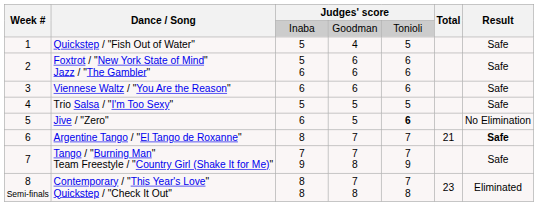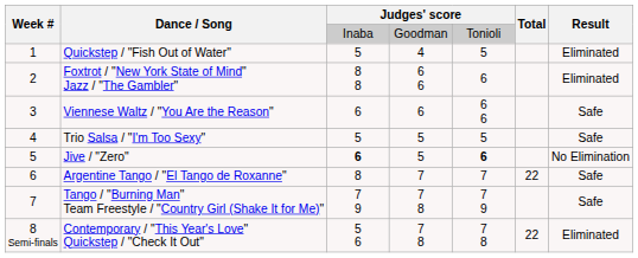 <table class="wikitable" style="text-align:center;">
 <tr style="text-align:center;">
 <th rowspan="2" bgcolor="#CCCCCC" align="Center">Week #</th>
 <th rowspan="2" bgcolor="#CCCCCC" align="Center">Dance / Song</th>
 <th colspan="3" bgcolor="#CCCCCC" align="Center">Judges' score</th>
 <th rowspan="2" bgcolor="#CCCCCC" align="Center">Total</th>
 <th rowspan="2" bgcolor="#CCCCCC" align="Center">Result</th>
 </tr>
 <tr>
 <td bgcolor="#CCCCCC" width="10%" align="center">Inaba</td>
 <td bgcolor="#CCCCCC" width="10%" align="center">Goodman</td>
 <td bgcolor="#CCCCCC" width="10%" align="center">Tonioli</td>
 </tr>
 <tr>
 <td bgcolor="FAF6F6">1</td>
 <td align="left" bgcolor="FAF6F6"><a href='#'>Quickstep</a> / "Fish Out of Water"</td>
 <td bgcolor="FAF6F6">5</td>
 <td bgcolor="FAF6F6">4</td>
 <td bgcolor="FAF6F6">5</td>
 <td bgcolor="FAF6F6"></td>
-<td bgcolor="FAF6F6">Safe</td>
+<td bgcolor="FAF6F6">Eliminated</td>
 </tr>
 <tr>
 <td bgcolor="FAF6F6">2</td>
 <td align="left" bgcolor="FAF6F6"><a href='#'>Foxtrot</a> / "<a href='#'>New York State of Mind</a>"<br><a href='#'>Jazz</a> / "<a href='#'>The Gambler</a>"</td>
-<td bgcolor="FAF6F6">5<br>6</td>
+<td bgcolor="FAF6F6">8<br>8</td>
 <td bgcolor="FAF6F6">6<br>6</td>
-<td bgcolor="FAF6F6">6<br>6</td>
+<td bgcolor="FAF6F6">6</td>
 <td bgcolor="FAF6F6"><br></td>
-<td bgcolor="FAF6F6">Safe</td>
+<td bgcolor="FAF6F6">Eliminated</td>
 </tr>
 <tr>
 <td bgcolor="FAF6F6">3</td>
 <td align="left" bgcolor="FAF6F6"><a href='#'>Viennese Waltz</a> / "<a href='#'>You Are the Reason</a>"</td>
 <td bgcolor="FAF6F6">6</td>
 <td bgcolor="FAF6F6">6</td>
-<td bgcolor="FAF6F6">6</td>
+<td bgcolor="FAF6F6">6<br>6</td>
 <td bgcolor="FAF6F6"></td>
 <td bgcolor="FAF6F6">Safe</td>
 </tr>
 <tr>
 <td bgcolor="FAF6F6">4</td>
 <td align="left" bgcolor="FAF6F6">Trio <a href='#'>Salsa</a> / "<a href='#'>I'm Too Sexy</a>"</td>
 <td bgcolor="FAF6F6">5</td>
 <td bgcolor="FAF6F6">5</td>
 <td bgcolor="FAF6F6">5</td>
 <td bgcolor="FAF6F6"></td>
 <td bgcolor="FAF6F6">Safe</td>
 </tr>
 <tr>
 <td bgcolor="FAF6F6">5</td>
 <td align="left" bgcolor="FAF6F6"><a href='#'>Jive</a> / "Zero"</td>
-<td bgcolor="FAF6F6">6</td>
+<td bgcolor="FAF6F6"><strong>6</strong></td>
 <td bgcolor="FAF6F6">5</td>
 <td bgcolor="FAF6F6"><strong>6</strong></td>
 <td bgcolor="FAF6F6"></td>
 <td bgcolor="FAF6F6">No Elimination</td>
 </tr>
 <tr>
 <td bgcolor="FAF6F6">6</td>
 <td align="left" bgcolor="FAF6F6"><a href='#'>Argentine Tango</a> / "<a href='#'>El Tango de Roxanne</a>"</td>
 <td bgcolor="FAF6F6">8</td>
 <td bgcolor="FAF6F6">7</td>
 <td bgcolor="FAF6F6">7</td>
-<td bgcolor="FAF6F6">21</td>
-<td bgcolor="FAF6F6"><strong>Safe</strong></td>
+<td bgcolor="FAF6F6">22</td>
+<td bgcolor="FAF6F6">Safe</td>
 </tr>
 <tr>
 <td bgcolor="FAF6F6">7</td>
 <td align="left" bgcolor="FAF6F6"><a href='#'>Tango</a> / "<a href='#'>Burning Man</a>"<br>Team Freestyle / "<a href='#'>Country Girl (Shake It for Me)</a>"</td>
 <td bgcolor="FAF6F6">7<br>9</td>
 <td bgcolor="FAF6F6">7<br>8</td>
 <td bgcolor="FAF6F6">7<br>9</td>
 <td bgcolor="FAF6F6"><br></td>
 <td bgcolor="FAF6F6">Safe</td>
 </tr>
 <tr>
 <td bgcolor="FAF6F6">8<br><small>Semi-finals</small></td>
 <td align="left" bgcolor="FAF6F6"><a href='#'>Contemporary</a> / "<a href='#'>This Year's Love</a>"<br><a href='#'>Quickstep</a> / "Check It Out"</td>
-<td bgcolor="FAF6F6">8<br>8</td>
+<td bgcolor="FAF6F6">5<br>6</td>
 <td bgcolor="FAF6F6">7<br>8</td>
 <td bgcolor="FAF6F6">7<br>8</td>
-<td bgcolor="FAF6F6">23<br></td>
+<td bgcolor="FAF6F6">22<br></td>
 <td bgcolor="FAF6F6">Eliminated</td>
 </tr>
 </table>
